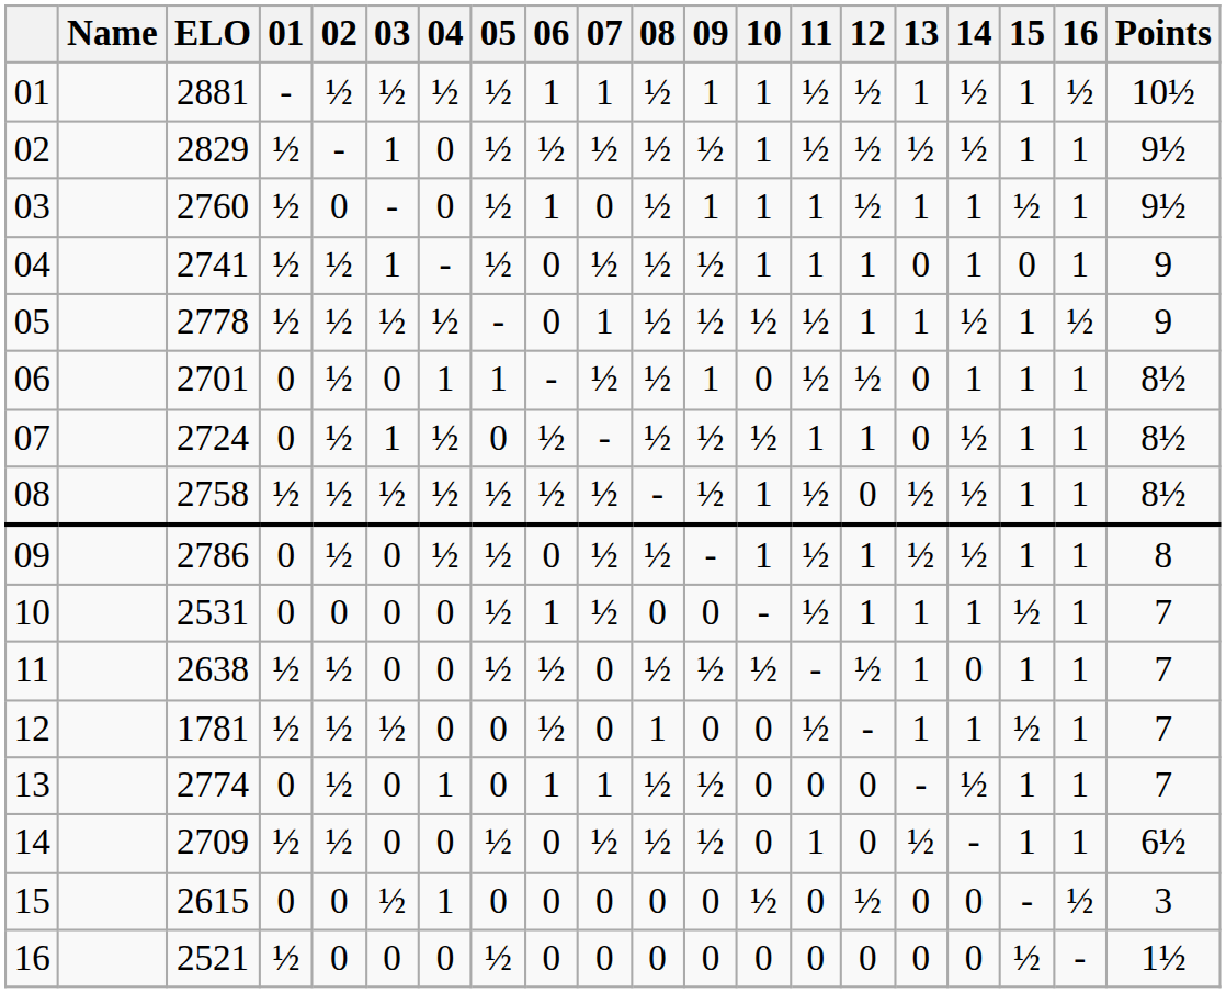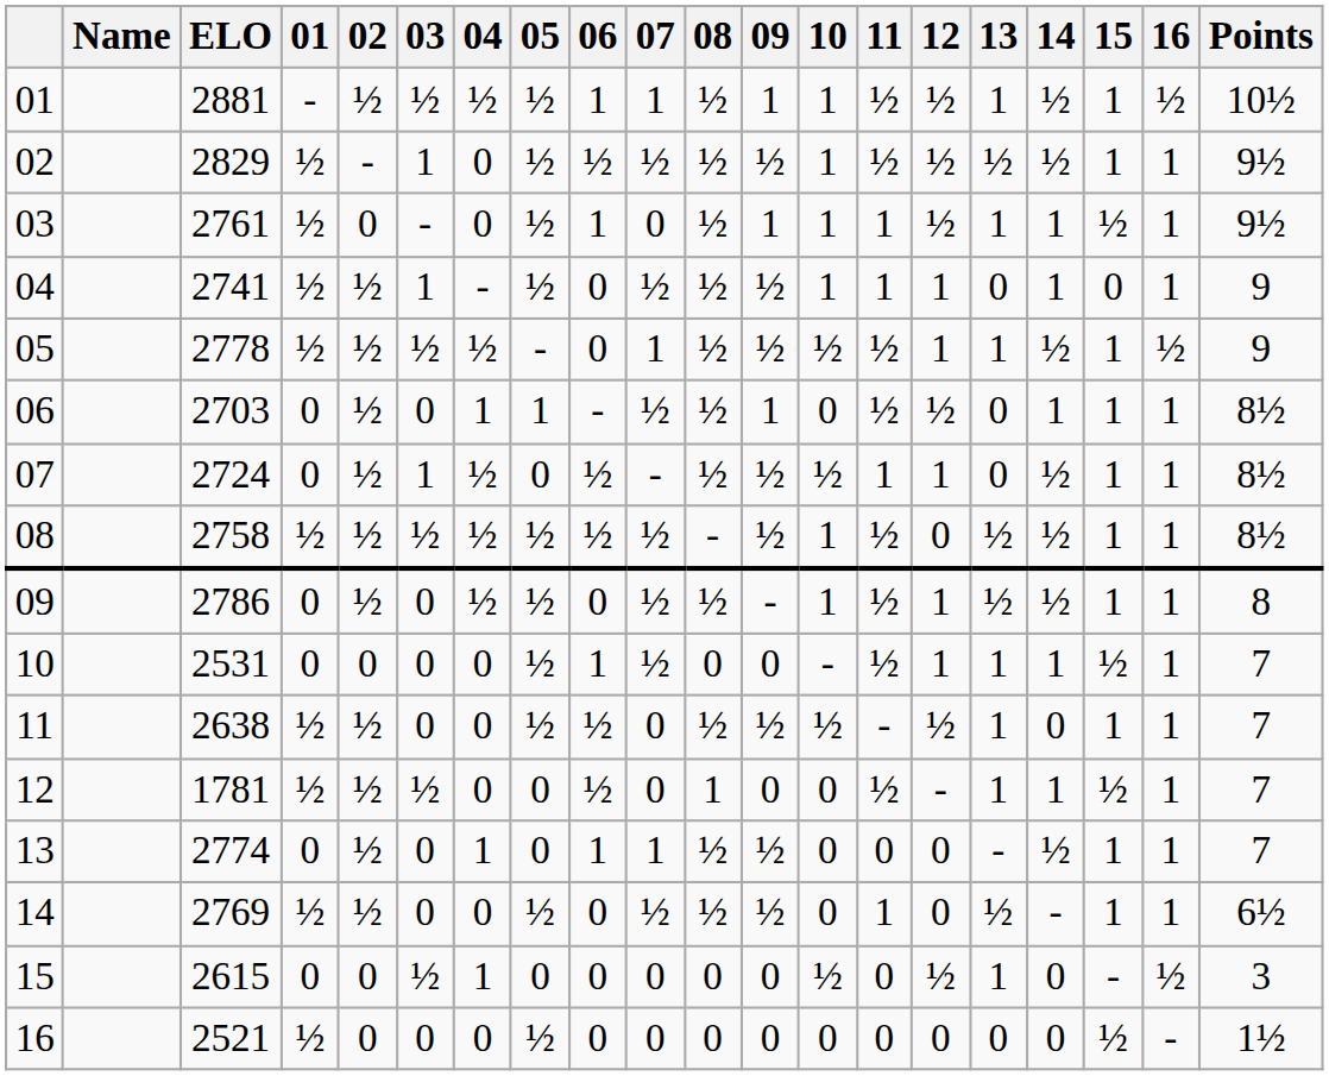 <table class="wikitable" style="text-align:center;">
 <tr>
 <th></th>
 <th>Name</th>
 <th>ELO</th>
 <th>01</th>
 <th>02</th>
 <th>03</th>
 <th>04</th>
 <th>05</th>
 <th>06</th>
 <th>07</th>
 <th>08</th>
 <th>09</th>
 <th>10</th>
 <th>11</th>
 <th>12</th>
 <th>13</th>
 <th>14</th>
 <th>15</th>
 <th>16</th>
 <th>Points</th>
 </tr>
 <tr>
 <td>01</td>
 <td style="text-align:left;" data-sort-value="Carlsen"></td>
 <td>2881</td>
 <td>-</td>
 <td>½</td>
 <td>½</td>
 <td>½</td>
 <td>½</td>
 <td>1</td>
 <td>1</td>
 <td>½</td>
 <td>1</td>
 <td>1</td>
 <td>½</td>
 <td>½</td>
 <td>1</td>
 <td>½</td>
 <td>1</td>
 <td>½</td>
 <td>10½</td>
 </tr>
 <tr>
 <td>02</td>
 <td style="text-align:left;" data-sort-value="Nakamura"></td>
 <td>2829</td>
 <td>½</td>
 <td>-</td>
 <td>1</td>
 <td>0</td>
 <td>½</td>
 <td>½</td>
 <td>½</td>
 <td>½</td>
 <td>½</td>
 <td>1</td>
 <td>½</td>
 <td>½</td>
 <td>½</td>
 <td>½</td>
 <td>1</td>
 <td>1</td>
 <td>9½</td>
 </tr>
 <tr>
 <td>03</td>
 <td style="text-align:left;" data-sort-value="Mamedyarov"></td>
-<td>2760</td>
+<td>2761</td>
 <td>½</td>
 <td>0</td>
 <td>-</td>
 <td>0</td>
 <td>½</td>
 <td>1</td>
 <td>0</td>
 <td>½</td>
 <td>1</td>
 <td>1</td>
 <td>1</td>
 <td>½</td>
 <td>1</td>
 <td>1</td>
 <td>½</td>
 <td>1</td>
 <td>9½</td>
 </tr>
 <tr>
 <td>04</td>
 <td style="text-align:left;" data-sort-value="So"></td>
 <td>2741</td>
 <td>½</td>
 <td>½</td>
 <td>1</td>
 <td>-</td>
 <td>½</td>
 <td>0</td>
 <td>½</td>
 <td>½</td>
 <td>½</td>
 <td>1</td>
 <td>1</td>
 <td>1</td>
 <td>0</td>
 <td>1</td>
 <td>0</td>
 <td>1</td>
 <td>9</td>
 </tr>
 <tr>
 <td>05</td>
 <td style="text-align:left;" data-sort-value="Aronian"></td>
 <td>2778</td>
 <td>½</td>
 <td>½</td>
 <td>½</td>
 <td>½</td>
 <td>-</td>
 <td>0</td>
 <td>1</td>
 <td>½</td>
 <td>½</td>
 <td>½</td>
 <td>½</td>
 <td>1</td>
 <td>1</td>
 <td>½</td>
 <td>1</td>
 <td>½</td>
 <td>9</td>
 </tr>
 <tr>
 <td>06</td>
 <td style="text-align:left;" data-sort-value="Firouzja"></td>
-<td>2701</td>
+<td>2703</td>
 <td>0</td>
 <td>½</td>
 <td>0</td>
 <td>1</td>
 <td>1</td>
 <td>-</td>
 <td>½</td>
 <td>½</td>
 <td>1</td>
 <td>0</td>
 <td>½</td>
 <td>½</td>
 <td>0</td>
 <td>1</td>
 <td>1</td>
 <td>1</td>
 <td>8½</td>
 </tr>
 <tr>
 <td>07</td>
 <td style="text-align:left;" data-sort-value="Lê"></td>
 <td>2724</td>
 <td>0</td>
 <td>½</td>
 <td>1</td>
 <td>½</td>
 <td>0</td>
 <td>½</td>
 <td>-</td>
 <td>½</td>
 <td>½</td>
 <td>½</td>
 <td>1</td>
 <td>1</td>
 <td>0</td>
 <td>½</td>
 <td>1</td>
 <td>1</td>
 <td>8½</td>
 </tr>
 <tr>
 <td>08</td>
 <td style="text-align:left;" data-sort-value="Radjabov"></td>
 <td>2758</td>
 <td>½</td>
 <td>½</td>
 <td>½</td>
 <td>½</td>
 <td>½</td>
 <td>½</td>
 <td>½</td>
 <td>-</td>
 <td>½</td>
 <td>1</td>
 <td>½</td>
 <td>0</td>
 <td>½</td>
 <td>½</td>
 <td>1</td>
 <td>1</td>
 <td>8½</td>
 </tr>
 <tr>
 <td style="border-top: 2px solid #000000;">09</td>
 <td style="text-align:left; border-top: 2px solid #000000;" data-sort-value="Domínguez"></td>
 <td style="border-top: 2px solid #000000;">2786</td>
 <td style="border-top: 2px solid #000000;">0</td>
 <td style="border-top: 2px solid #000000;">½</td>
 <td style="border-top: 2px solid #000000;">0</td>
 <td style="border-top: 2px solid #000000;">½</td>
 <td style="border-top: 2px solid #000000;">½</td>
 <td style="border-top: 2px solid #000000;">0</td>
 <td style="border-top: 2px solid #000000;">½</td>
 <td style="border-top: 2px solid #000000;">½</td>
 <td style="border-top: 2px solid #000000;">-</td>
 <td style="border-top: 2px solid #000000;">1</td>
 <td style="border-top: 2px solid #000000;">½</td>
 <td style="border-top: 2px solid #000000;">1</td>
 <td style="border-top: 2px solid #000000;">½</td>
 <td style="border-top: 2px solid #000000;">½</td>
 <td style="border-top: 2px solid #000000;">1</td>
 <td style="border-top: 2px solid #000000;">1</td>
 <td style="border-top: 2px solid #000000;">8</td>
 </tr>
 <tr>
 <td>10</td>
 <td style="text-align:left;" data-sort-value="Tari"></td>
 <td>2531</td>
 <td>0</td>
 <td>0</td>
 <td>0</td>
 <td>0</td>
 <td>½</td>
 <td>1</td>
 <td>½</td>
 <td>0</td>
 <td>0</td>
 <td>-</td>
 <td>½</td>
 <td>1</td>
 <td>1</td>
 <td>1</td>
 <td>½</td>
 <td>1</td>
 <td>7</td>
 </tr>
 <tr>
 <td>11</td>
 <td style="text-align:left;" data-sort-value="Gujrathi"></td>
 <td>2638</td>
 <td>½</td>
 <td>½</td>
 <td>0</td>
 <td>0</td>
 <td>½</td>
 <td>½</td>
 <td>0</td>
 <td>½</td>
 <td>½</td>
 <td>½</td>
 <td>-</td>
 <td>½</td>
 <td>1</td>
 <td>0</td>
 <td>1</td>
 <td>1</td>
 <td>7</td>
 </tr>
 <tr>
 <td>12</td>
 <td style="text-align:left;" data-sort-value="Praggnanandhaa"></td>
 <td>1781</td>
 <td>½</td>
 <td>½</td>
 <td>½</td>
 <td>0</td>
 <td>0</td>
 <td>½</td>
 <td>0</td>
 <td>1</td>
 <td>0</td>
 <td>0</td>
 <td>½</td>
 <td>-</td>
 <td>1</td>
 <td>1</td>
 <td>½</td>
 <td>1</td>
 <td>7</td>
 </tr>
 <tr>
 <td>13</td>
 <td style="text-align:left;" data-sort-value="Duda"></td>
 <td>2774</td>
 <td>0</td>
 <td>½</td>
 <td>0</td>
 <td>1</td>
 <td>0</td>
 <td>1</td>
 <td>1</td>
 <td>½</td>
 <td>½</td>
 <td>0</td>
 <td>0</td>
 <td>0</td>
 <td>-</td>
 <td>½</td>
 <td>1</td>
 <td>1</td>
 <td>7</td>
 </tr>
 <tr>
 <td>14</td>
 <td style="text-align:left;" data-sort-value="Karjakin"></td>
-<td>2709</td>
+<td>2769</td>
 <td>½</td>
 <td>½</td>
 <td>0</td>
 <td>0</td>
 <td>½</td>
 <td>0</td>
 <td>½</td>
 <td>½</td>
 <td>½</td>
 <td>0</td>
 <td>1</td>
 <td>0</td>
 <td>½</td>
 <td>-</td>
 <td>1</td>
 <td>1</td>
 <td>6½</td>
 </tr>
 <tr>
 <td>15</td>
 <td style="text-align:left;" data-sort-value="Jones"></td>
 <td>2615</td>
 <td>0</td>
 <td>0</td>
 <td>½</td>
 <td>1</td>
 <td>0</td>
 <td>0</td>
 <td>0</td>
 <td>0</td>
 <td>0</td>
 <td>½</td>
 <td>0</td>
 <td>½</td>
-<td>0</td>
+<td>1</td>
 <td>0</td>
 <td>-</td>
 <td>½</td>
 <td>3</td>
 </tr>
 <tr>
 <td>16</td>
 <td style="text-align:left;" data-sort-value="Christiansen"></td>
 <td>2521</td>
 <td>½</td>
 <td>0</td>
 <td>0</td>
 <td>0</td>
 <td>½</td>
 <td>0</td>
 <td>0</td>
 <td>0</td>
 <td>0</td>
 <td>0</td>
 <td>0</td>
 <td>0</td>
 <td>0</td>
 <td>0</td>
 <td>½</td>
 <td>-</td>
 <td>1½</td>
 </tr>
 </table>
